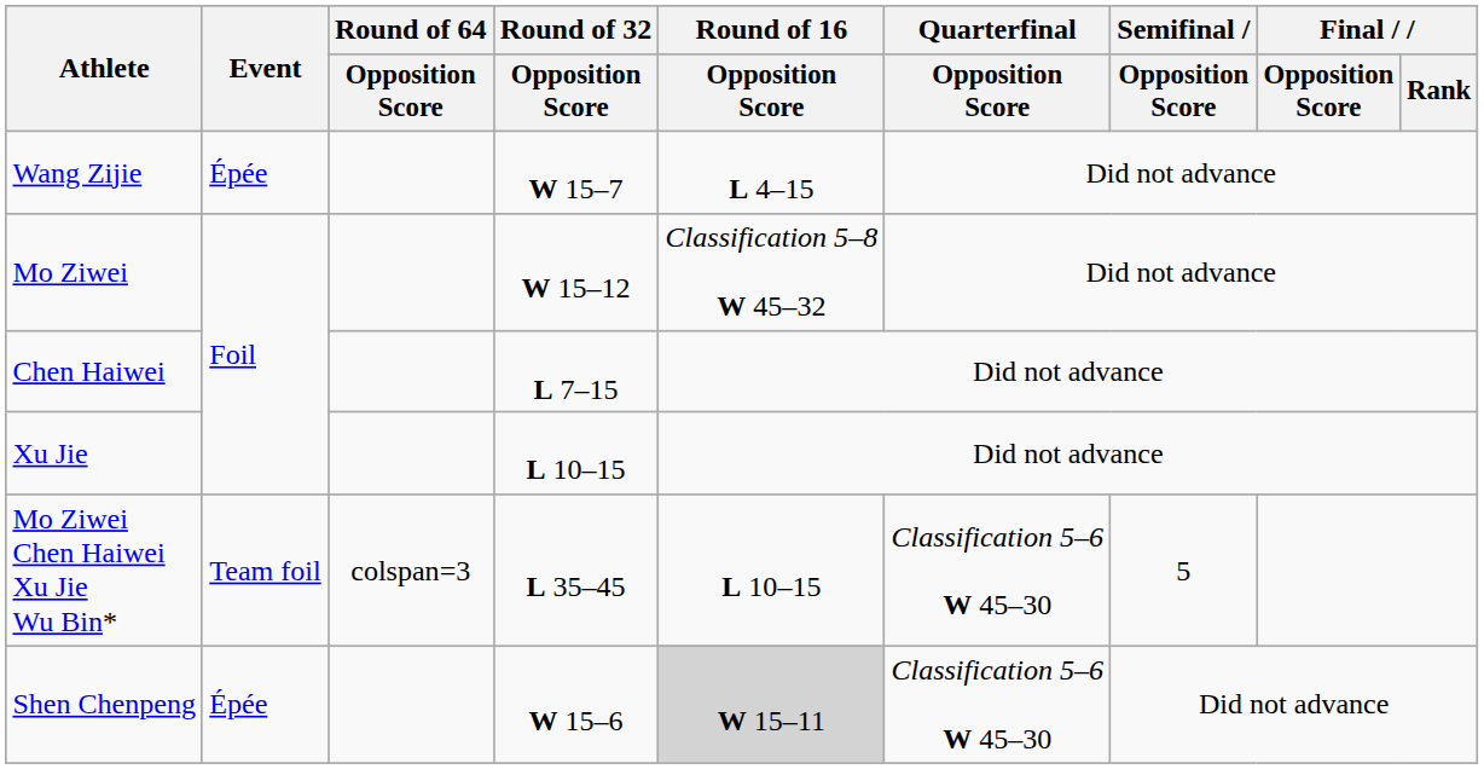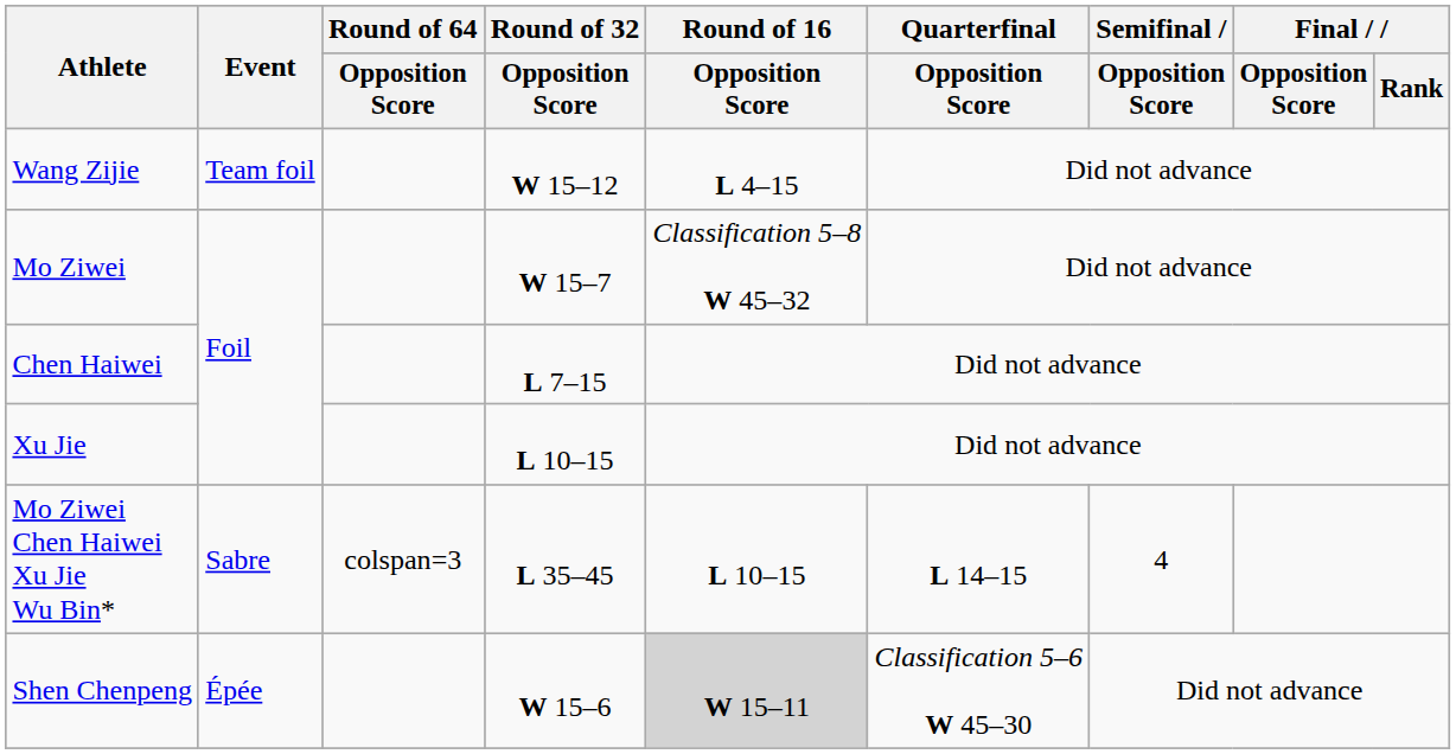 <table class="wikitable" style="font-size:90%">
 <tr>
 <th rowspan="2">Athlete</th>
 <th rowspan="2">Event</th>
 <th>Round of 64</th>
 <th>Round of 32</th>
 <th>Round of 16</th>
 <th>Quarterfinal</th>
 <th>Semifinal / </th>
 <th colspan=2>Final /  / </th>
 </tr>
 <tr style="font-size:95%">
 <th>Opposition <br> Score</th>
 <th>Opposition <br> Score</th>
 <th>Opposition <br> Score</th>
 <th>Opposition <br> Score</th>
 <th>Opposition <br> Score</th>
 <th>Opposition <br> Score</th>
 <th>Rank</th>
 </tr>
 <tr align=center>
 <td align=left><a href='#'>Wang Zijie</a></td>
-<td align=left><a href='#'>Épée</a></td>
+<td align=left><a href='#'>Team foil</a></td>
 <td></td>
-<td><br><strong>W</strong> 15–7</td>
+<td><br><strong>W</strong> 15–12</td>
 <td><br><strong>L</strong> 4–15</td>
 <td colspan=4>Did not advance</td>
 </tr>
 <tr align=center>
 <td align=left><a href='#'>Mo Ziwei</a></td>
 <td align=left rowspan=3><a href='#'>Foil</a></td>
 <td></td>
-<td><br><strong>W</strong> 15–12</td>
+<td><br><strong>W</strong> 15–7</td>
 <td><em>Classification 5–8</em><br><br><strong>W</strong> 45–32</td>
 <td colspan=4>Did not advance</td>
 </tr>
 <tr align=center>
 <td align=left><a href='#'>Chen Haiwei</a></td>
 <td></td>
 <td><br><strong>L</strong> 7–15</td>
 <td colspan=5>Did not advance</td>
 </tr>
 <tr align=center>
 <td align=left><a href='#'>Xu Jie</a></td>
 <td></td>
 <td><br><strong>L</strong> 10–15</td>
 <td colspan=5>Did not advance</td>
 </tr>
 <tr align=center>
 <td align=left><a href='#'>Mo Ziwei</a><br> <a href='#'>Chen Haiwei</a><br> <a href='#'>Xu Jie</a><br><a href='#'>Wu Bin</a>*</td>
-<td align=left><a href='#'>Team foil</a></td>
+<td align=left><a href='#'>Sabre</a></td>
 <td>colspan=3</td>
 <td><br><strong>L</strong> 35–45</td>
 <td><br><strong>L</strong> 10–15</td>
-<td><em>Classification 5–6</em><br><br><strong>W</strong> 45–30</td>
-<td>5</td>
+<td><br><strong>L</strong> 14–15</td>
+<td>4</td>
 </tr>
 <tr align=center>
 <td align=left><a href='#'>Shen Chenpeng</a></td>
 <td align=left><a href='#'>Épée</a></td>
 <td></td>
 <td><br><strong>W</strong> 15–6</td>
 <td style="background: lightgrey;"><br><strong>W</strong> 15–11</td>
 <td><em>Classification 5–6</em><br><br><strong>W</strong> 45–30</td>
 <td colspan=3>Did not advance</td>
 </tr>
 </table>
